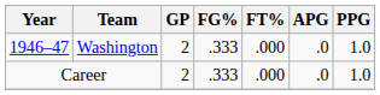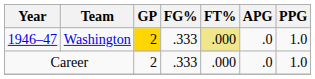 <table class="wikitable sortable" style="font-size:95%; text-align:right;">
 <tr>
 <th>Year</th>
 <th>Team</th>
 <th>GP</th>
 <th>FG%</th>
 <th>FT%</th>
 <th>APG</th>
 <th>PPG</th>
 </tr>
 <tr>
 <td style="text-align:left;"><a href='#'>1946–47</a></td>
 <td style="text-align:left;"><a href='#'>Washington</a></td>
-<td>2</td>
+<td style="background: gold;">2</td>
 <td>.333</td>
-<td>.000</td>
+<td style="background: khaki;">.000</td>
 <td>.0</td>
 <td>1.0</td>
 </tr>
 <tr>
 <td style="text-align:center;" colspan="2">Career</td>
 <td>2</td>
 <td>.333</td>
 <td>.000</td>
 <td>.0</td>
 <td>1.0</td>
 </tr>
 <tr>
 </tr>
 </table>
